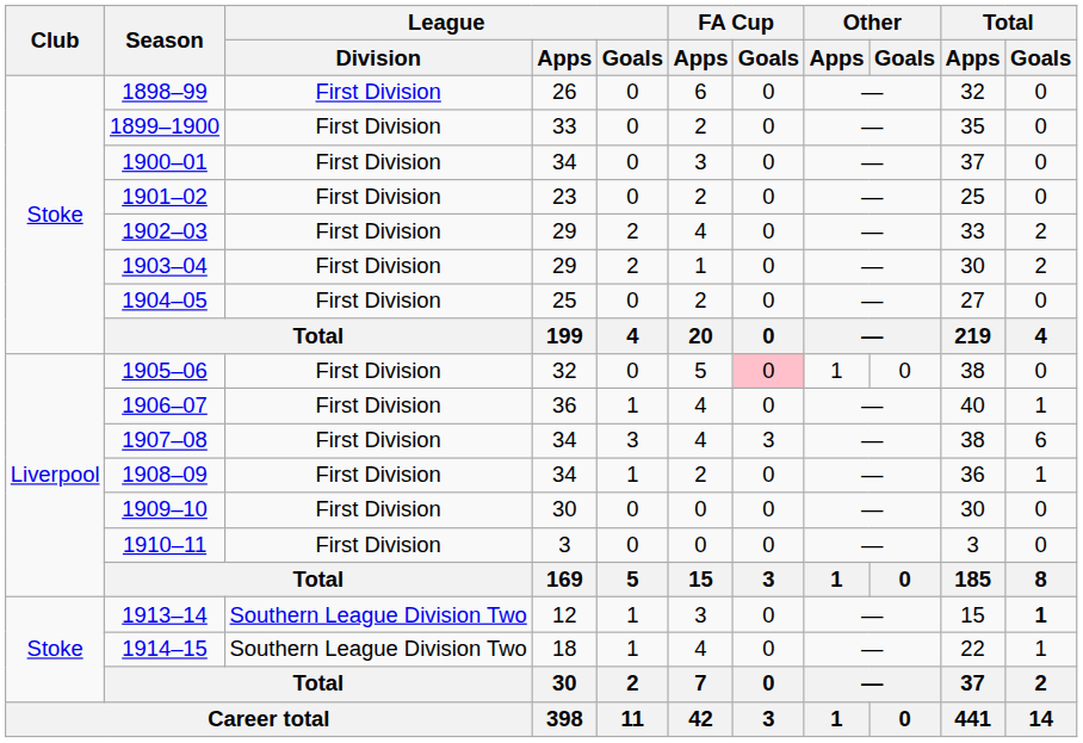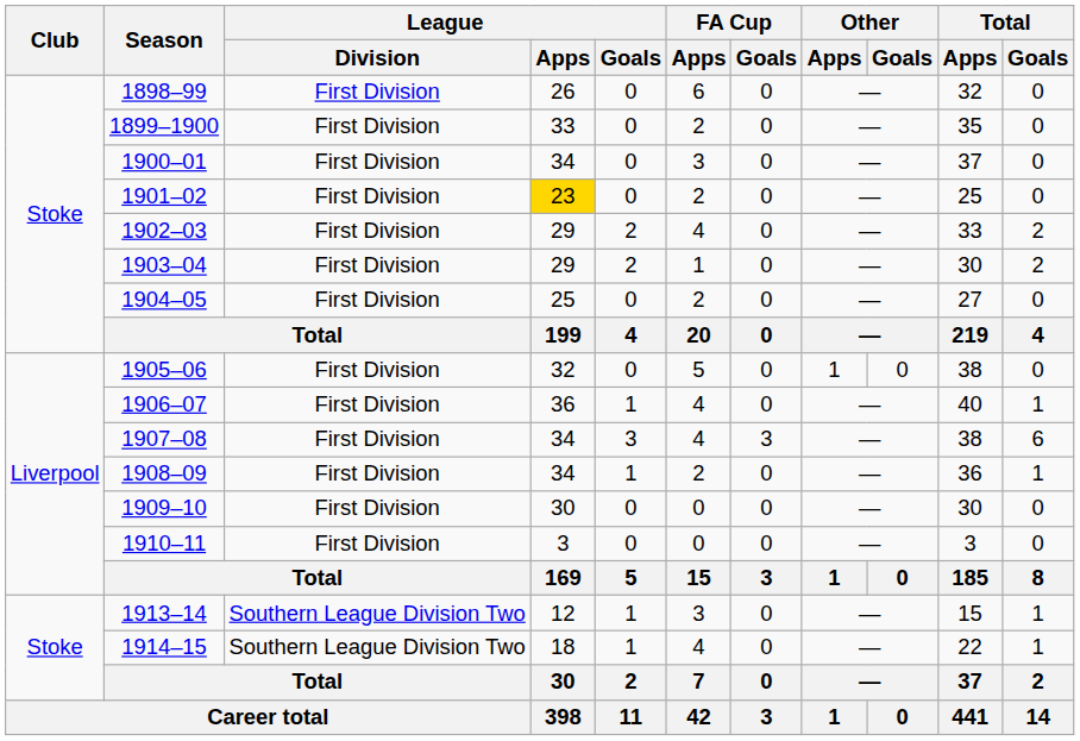 <table class="wikitable" style="text-align: center;">
 <tr>
 <th rowspan="2">Club</th>
 <th rowspan="2">Season</th>
 <th colspan="3">League</th>
 <th colspan="2">FA Cup</th>
 <th colspan="2">Other</th>
 <th colspan="2">Total</th>
 </tr>
 <tr>
 <th>Division</th>
 <th>Apps</th>
 <th>Goals</th>
 <th>Apps</th>
 <th>Goals</th>
 <th>Apps</th>
 <th>Goals</th>
 <th>Apps</th>
 <th>Goals</th>
 </tr>
 <tr>
 <td rowspan="8"><a href='#'>Stoke</a></td>
 <td><a href='#'>1898–99</a></td>
 <td><a href='#'>First Division</a></td>
 <td>26</td>
 <td>0</td>
 <td>6</td>
 <td>0</td>
 <td colspan=2>—</td>
 <td>32</td>
 <td>0</td>
 </tr>
 <tr>
 <td><a href='#'>1899–1900</a></td>
 <td>First Division</td>
 <td>33</td>
 <td>0</td>
 <td>2</td>
 <td>0</td>
 <td colspan=2>—</td>
 <td>35</td>
 <td>0</td>
 </tr>
 <tr>
 <td><a href='#'>1900–01</a></td>
 <td>First Division</td>
 <td>34</td>
 <td>0</td>
 <td>3</td>
 <td>0</td>
 <td colspan=2>—</td>
 <td>37</td>
 <td>0</td>
 </tr>
 <tr>
 <td><a href='#'>1901–02</a></td>
 <td>First Division</td>
-<td>23</td>
+<td style="background: gold;">23</td>
 <td>0</td>
 <td>2</td>
 <td>0</td>
 <td colspan=2>—</td>
 <td>25</td>
 <td>0</td>
 </tr>
 <tr>
 <td><a href='#'>1902–03</a></td>
 <td>First Division</td>
 <td>29</td>
 <td>2</td>
 <td>4</td>
 <td>0</td>
 <td colspan=2>—</td>
 <td>33</td>
 <td>2</td>
 </tr>
 <tr>
 <td><a href='#'>1903–04</a></td>
 <td>First Division</td>
 <td>29</td>
 <td>2</td>
 <td>1</td>
 <td>0</td>
 <td colspan=2>—</td>
 <td>30</td>
 <td>2</td>
 </tr>
 <tr>
 <td><a href='#'>1904–05</a></td>
 <td>First Division</td>
 <td>25</td>
 <td>0</td>
 <td>2</td>
 <td>0</td>
 <td colspan=2>—</td>
 <td>27</td>
 <td>0</td>
 </tr>
 <tr>
 <th colspan=2>Total</th>
 <th>199</th>
 <th>4</th>
 <th>20</th>
 <th>0</th>
 <th colspan=2>—</th>
 <th>219</th>
 <th>4</th>
 </tr>
 <tr>
 <td rowspan="7"><a href='#'>Liverpool</a></td>
 <td><a href='#'>1905–06</a></td>
 <td>First Division</td>
 <td>32</td>
 <td>0</td>
 <td>5</td>
-<td style="background: pink;">0</td>
+<td>0</td>
 <td>1</td>
 <td>0</td>
 <td>38</td>
 <td>0</td>
 </tr>
 <tr>
 <td><a href='#'>1906–07</a></td>
 <td>First Division</td>
 <td>36</td>
 <td>1</td>
 <td>4</td>
 <td>0</td>
 <td colspan=2>—</td>
 <td>40</td>
 <td>1</td>
 </tr>
 <tr>
 <td><a href='#'>1907–08</a></td>
 <td>First Division</td>
 <td>34</td>
 <td>3</td>
 <td>4</td>
 <td>3</td>
 <td colspan=2>—</td>
 <td>38</td>
 <td>6</td>
 </tr>
 <tr>
 <td><a href='#'>1908–09</a></td>
 <td>First Division</td>
 <td>34</td>
 <td>1</td>
 <td>2</td>
 <td>0</td>
 <td colspan=2>—</td>
 <td>36</td>
 <td>1</td>
 </tr>
 <tr>
 <td><a href='#'>1909–10</a></td>
 <td>First Division</td>
 <td>30</td>
 <td>0</td>
 <td>0</td>
 <td>0</td>
 <td colspan=2>—</td>
 <td>30</td>
 <td>0</td>
 </tr>
 <tr>
 <td><a href='#'>1910–11</a></td>
 <td>First Division</td>
 <td>3</td>
 <td>0</td>
 <td>0</td>
 <td>0</td>
 <td colspan=2>—</td>
 <td>3</td>
 <td>0</td>
 </tr>
 <tr>
 <th colspan=2>Total</th>
 <th>169</th>
 <th>5</th>
 <th>15</th>
 <th>3</th>
 <th>1</th>
 <th>0</th>
 <th>185</th>
 <th>8</th>
 </tr>
 <tr>
 <td rowspan="3"><a href='#'>Stoke</a></td>
 <td><a href='#'>1913–14</a></td>
 <td><a href='#'>Southern League Division Two</a></td>
 <td>12</td>
 <td>1</td>
 <td>3</td>
 <td>0</td>
 <td colspan=2>—</td>
 <td>15</td>
-<td><strong>1</strong></td>
+<td>1</td>
 </tr>
 <tr>
 <td><a href='#'>1914–15</a></td>
 <td>Southern League Division Two</td>
 <td>18</td>
 <td>1</td>
 <td>4</td>
 <td>0</td>
 <td colspan=2>—</td>
 <td>22</td>
 <td>1</td>
 </tr>
 <tr>
 <th colspan=2>Total</th>
 <th>30</th>
 <th>2</th>
 <th>7</th>
 <th>0</th>
 <th colspan=2>—</th>
 <th>37</th>
 <th>2</th>
 </tr>
 <tr>
 <th colspan=3>Career total</th>
 <th>398</th>
 <th>11</th>
 <th>42</th>
 <th>3</th>
 <th>1</th>
 <th>0</th>
 <th>441</th>
 <th>14</th>
 </tr>
 </table>
